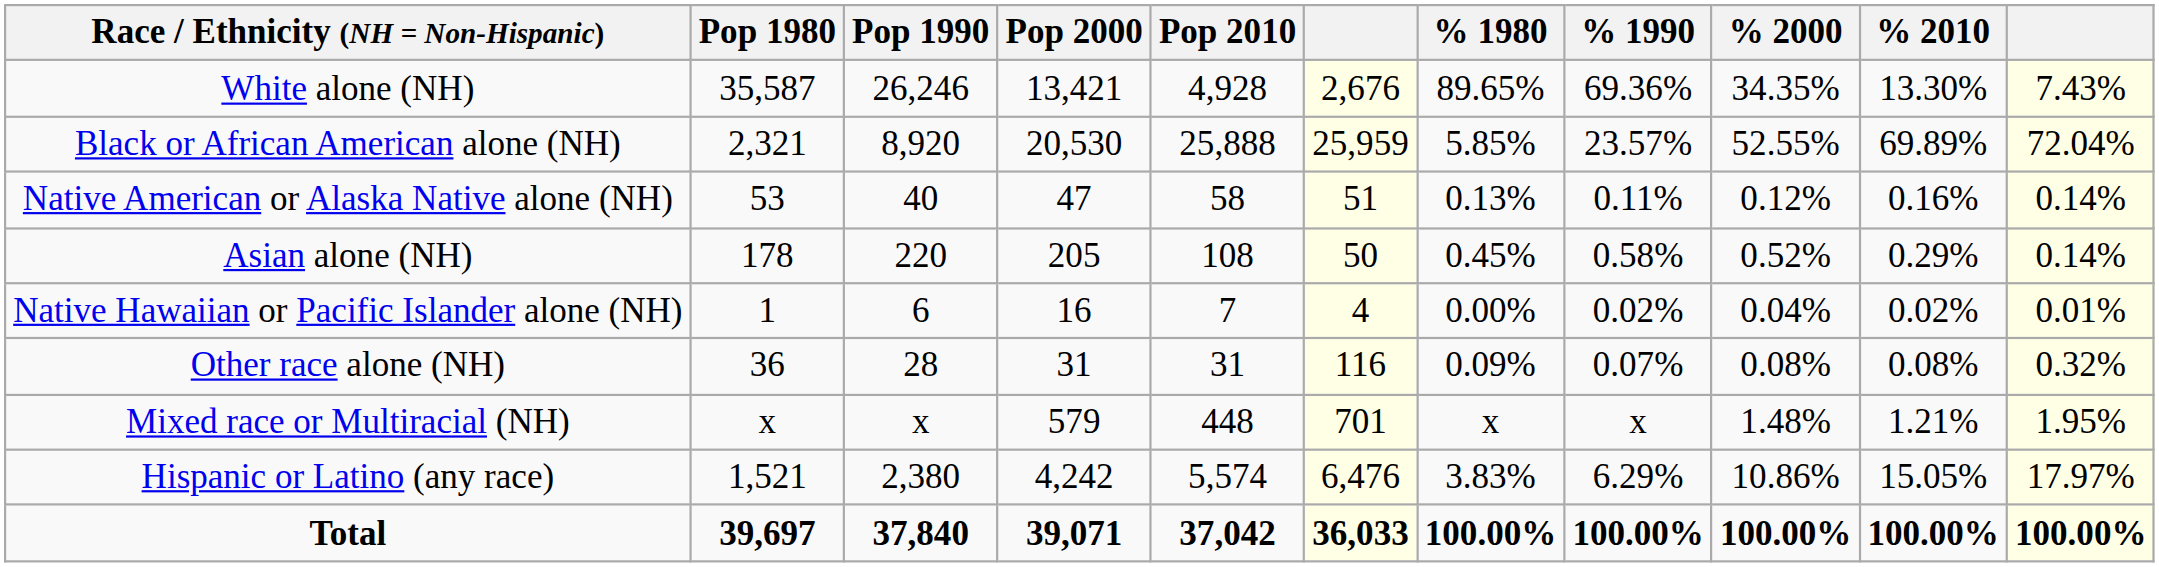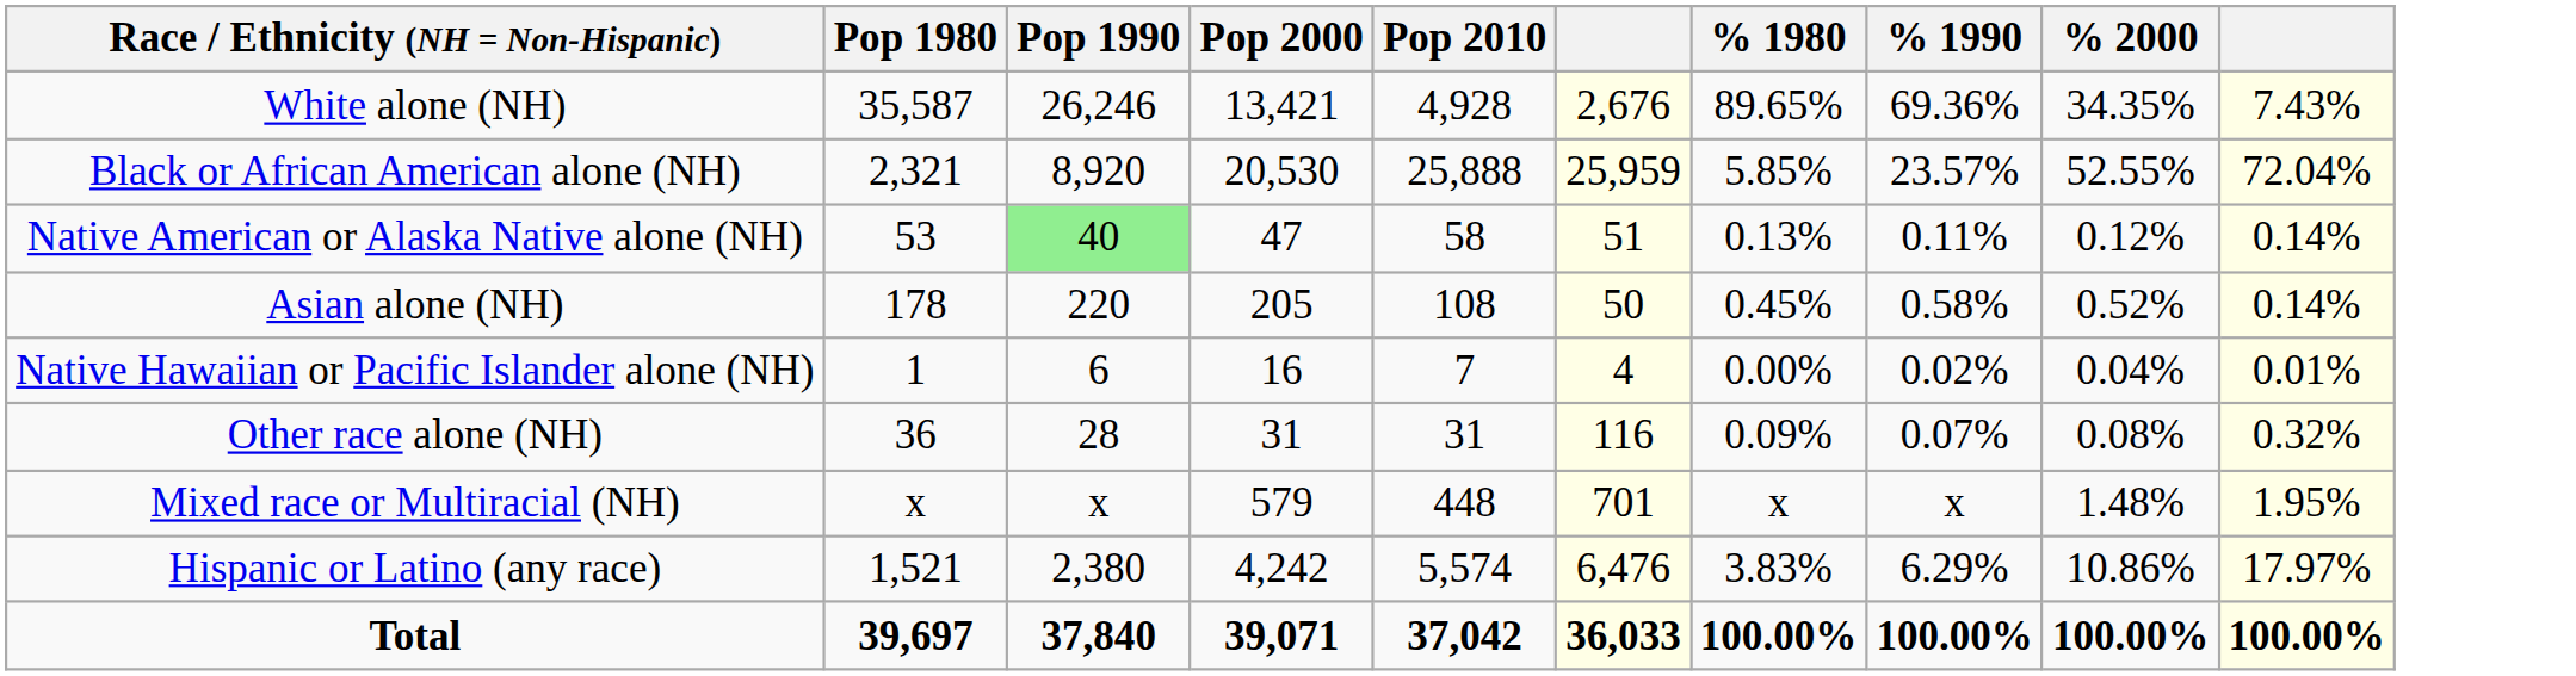 <table class="wikitable" style="text-align:center;">
 <tr>
 <th>Race / Ethnicity <small>(<em>NH = Non-Hispanic</em>)</small></th>
 <th>Pop 1980</th>
 <th>Pop 1990</th>
 <th>Pop 2000</th>
 <th>Pop 2010</th>
 <th></th>
 <th>% 1980</th>
 <th>% 1990</th>
 <th>% 2000</th>
-<th>% 2010</th>
 <th></th>
 </tr>
 <tr>
 <td><a href='#'>White</a> alone (NH)</td>
 <td>35,587</td>
 <td>26,246</td>
 <td>13,421</td>
 <td>4,928</td>
 <td style='background: #ffffe6;'>2,676</td>
 <td>89.65%</td>
 <td>69.36%</td>
 <td>34.35%</td>
-<td>13.30%</td>
 <td style='background: #ffffe6;'>7.43%</td>
 </tr>
 <tr>
 <td><a href='#'>Black or African American</a> alone (NH)</td>
 <td>2,321</td>
 <td>8,920</td>
 <td>20,530</td>
 <td>25,888</td>
 <td style='background: #ffffe6;'>25,959</td>
 <td>5.85%</td>
 <td>23.57%</td>
 <td>52.55%</td>
-<td>69.89%</td>
 <td style='background: #ffffe6;'>72.04%</td>
 </tr>
 <tr>
 <td><a href='#'>Native American</a> or <a href='#'>Alaska Native</a> alone (NH)</td>
 <td>53 </td>
-<td>40</td>
+<td style="background: lightgreen;">40</td>
 <td>47</td>
 <td>58</td>
 <td style='background: #ffffe6;'>51</td>
 <td>0.13%</td>
 <td>0.11%</td>
 <td>0.12%</td>
-<td>0.16%</td>
 <td style='background: #ffffe6;'>0.14%</td>
 </tr>
 <tr>
 <td><a href='#'>Asian</a> alone (NH)</td>
 <td>178 </td>
 <td>220</td>
 <td>205</td>
 <td>108</td>
 <td style='background: #ffffe6;'>50</td>
 <td>0.45%</td>
 <td>0.58%</td>
 <td>0.52%</td>
-<td>0.29%</td>
 <td style='background: #ffffe6;'>0.14%</td>
 </tr>
 <tr>
 <td><a href='#'>Native Hawaiian</a> or <a href='#'>Pacific Islander</a> alone (NH)</td>
 <td>1 </td>
 <td>6 </td>
 <td>16</td>
 <td>7</td>
 <td style='background: #ffffe6;'>4</td>
 <td>0.00%</td>
 <td>0.02%</td>
 <td>0.04%</td>
-<td>0.02%</td>
 <td style='background: #ffffe6;'>0.01%</td>
 </tr>
 <tr>
 <td><a href='#'>Other race</a> alone (NH)</td>
 <td>36 </td>
 <td>28</td>
 <td>31</td>
 <td>31</td>
 <td style='background: #ffffe6;'>116</td>
 <td>0.09%</td>
 <td>0.07%</td>
-<td>0.08%</td>
 <td>0.08%</td>
 <td style='background: #ffffe6;'>0.32%</td>
 </tr>
 <tr>
 <td><a href='#'>Mixed race or Multiracial</a> (NH)</td>
 <td>x </td>
 <td>x </td>
 <td>579</td>
 <td>448</td>
 <td style='background: #ffffe6;'>701</td>
 <td>x</td>
 <td>x</td>
 <td>1.48%</td>
-<td>1.21%</td>
 <td style='background: #ffffe6;'>1.95%</td>
 </tr>
 <tr>
 <td><a href='#'>Hispanic or Latino</a> (any race)</td>
 <td>1,521 </td>
 <td>2,380</td>
 <td>4,242</td>
 <td>5,574</td>
 <td style='background: #ffffe6;'>6,476</td>
 <td>3.83%</td>
 <td>6.29%</td>
 <td>10.86%</td>
-<td>15.05%</td>
 <td style='background: #ffffe6;'>17.97%</td>
 </tr>
 <tr>
 <td><strong>Total</strong></td>
 <td><strong>39,697</strong></td>
 <td><strong>37,840</strong></td>
 <td><strong>39,071</strong></td>
 <td><strong>37,042</strong></td>
 <td style='background: #ffffe6;'><strong>36,033</strong></td>
 <td><strong>100.00%</strong></td>
 <td><strong>100.00%</strong></td>
 <td><strong>100.00%</strong></td>
-<td><strong>100.00%</strong></td>
 <td style='background: #ffffe6;'><strong>100.00%</strong></td>
 </tr>
 </table>
